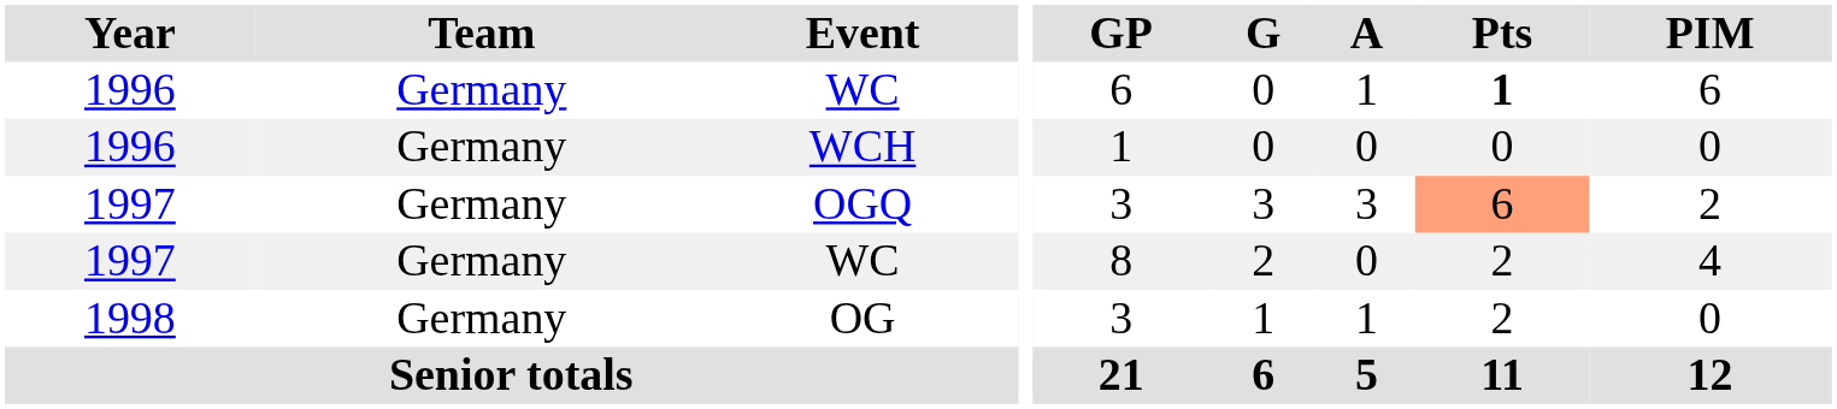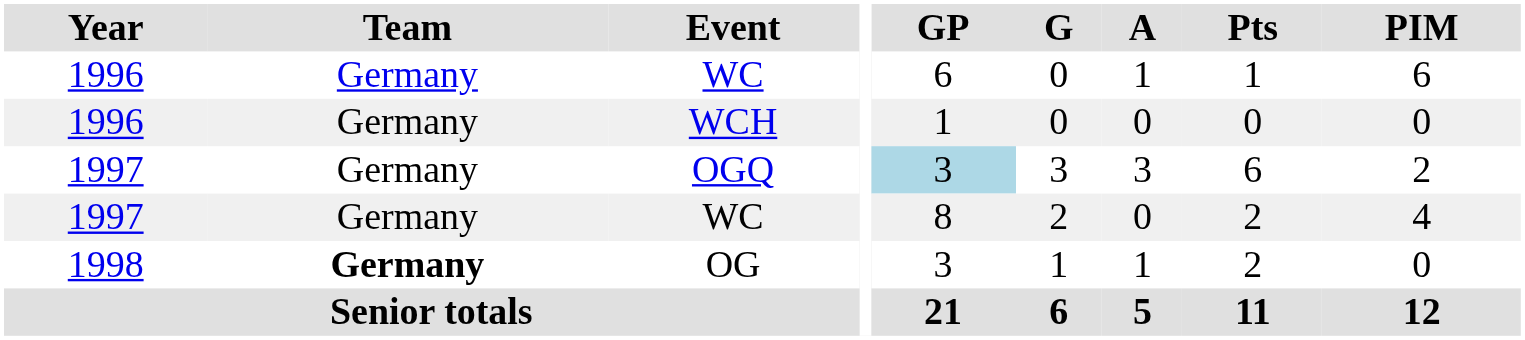 <table border="0" cellpadding="1" cellspacing="0" ID="Table3" style="text-align:center; width:40em">
 <tr ALIGN="center" bgcolor="#e0e0e0">
 <th>Year</th>
 <th>Team</th>
 <th>Event</th>
 <th rowspan="99" bgcolor="#ffffff"></th>
 <th>GP</th>
 <th>G</th>
 <th>A</th>
 <th>Pts</th>
 <th>PIM</th>
 </tr>
 <tr>
 <td><a href='#'>1996</a></td>
 <td><a href='#'>Germany</a></td>
 <td><a href='#'>WC</a></td>
 <td>6</td>
 <td>0</td>
 <td>1</td>
-<td><strong>1</strong></td>
+<td>1</td>
 <td>6</td>
 </tr>
 <tr bgcolor="#f0f0f0">
 <td><a href='#'>1996</a></td>
 <td>Germany</td>
 <td><a href='#'>WCH</a></td>
 <td>1</td>
 <td>0</td>
 <td>0</td>
 <td>0</td>
 <td>0</td>
 </tr>
 <tr>
 <td><a href='#'>1997</a></td>
 <td>Germany</td>
 <td><a href='#'>OGQ</a></td>
+<td style="background: lightblue;">3</td>
 <td>3</td>
 <td>3</td>
-<td>3</td>
-<td style="background: lightsalmon;">6</td>
+<td>6</td>
 <td>2</td>
 </tr>
 <tr bgcolor="#f0f0f0">
 <td><a href='#'>1997</a></td>
 <td>Germany</td>
 <td>WC</td>
 <td>8</td>
 <td>2</td>
 <td>0</td>
 <td>2</td>
 <td>4</td>
 </tr>
 <tr>
 <td><a href='#'>1998</a></td>
-<td>Germany</td>
+<td><strong>Germany</strong></td>
 <td>OG</td>
 <td>3</td>
 <td>1</td>
 <td>1</td>
 <td>2</td>
 <td>0</td>
 </tr>
 <tr bgcolor="#e0e0e0">
 <th colspan="3">Senior totals</th>
 <th>21</th>
 <th>6</th>
 <th>5</th>
 <th>11</th>
 <th>12</th>
 </tr>
 </table>
